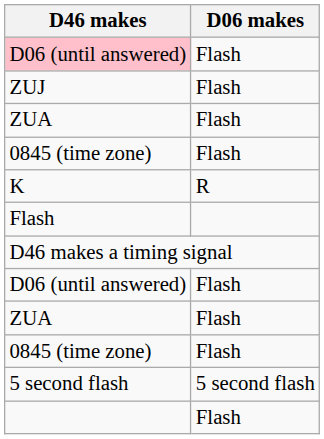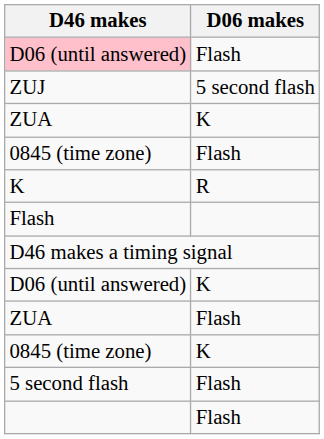 <table class="wikitable">
 <tr>
 <th>D46 makes</th>
 <th>D06 makes</th>
 </tr>
 <tr>
 <td style="background: pink;">D06 (until answered)</td>
 <td>Flash</td>
 </tr>
 <tr>
 <td>ZUJ</td>
-<td>Flash</td>
+<td>5 second flash</td>
 </tr>
 <tr>
 <td>ZUA</td>
-<td>Flash</td>
+<td>K</td>
 </tr>
 <tr>
 <td>0845 (time zone)</td>
 <td>Flash</td>
 </tr>
 <tr>
 <td>K</td>
 <td>R</td>
 </tr>
 <tr>
 <td>Flash</td>
 <td></td>
 </tr>
 <tr>
 <td colspan="2">D46 makes a timing signal</td>
 </tr>
 <tr>
 <td>D06 (until answered)</td>
-<td>Flash</td>
+<td>K</td>
 </tr>
 <tr>
 <td>ZUA</td>
 <td>Flash</td>
 </tr>
 <tr>
 <td>0845 (time zone)</td>
-<td>Flash</td>
+<td>K</td>
 </tr>
 <tr>
 <td>5 second flash</td>
-<td>5 second flash</td>
+<td>Flash</td>
 </tr>
 <tr>
 <td></td>
 <td>Flash</td>
 </tr>
 </table>
